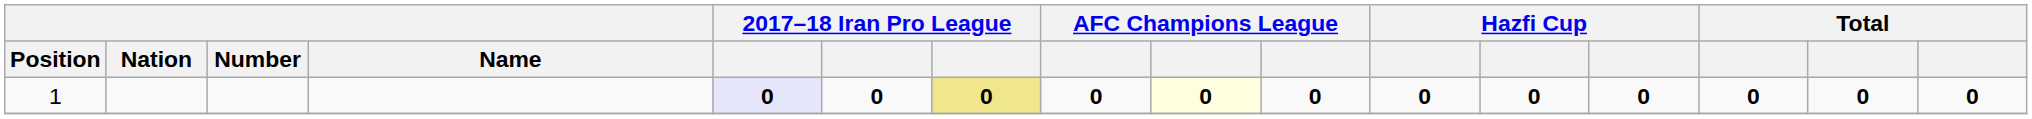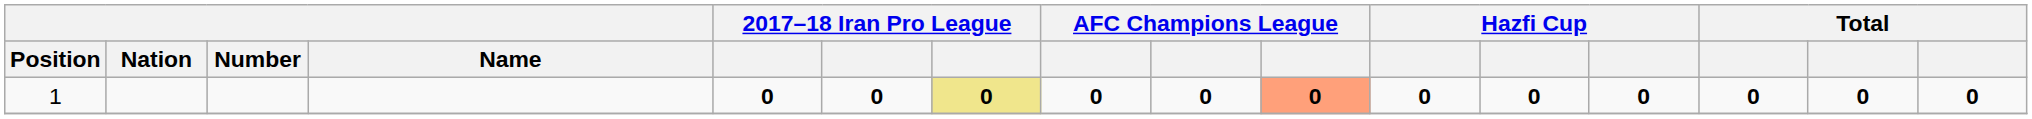 <table class="wikitable" style="font-size: 95%; text-align: center;">
 <tr>
 <th colspan=4></th>
 <th colspan=3><strong><a href='#'>2017–18 Iran Pro League</a></strong></th>
 <th colspan=3><strong><a href='#'>AFC Champions League</a></strong></th>
 <th colspan=3><strong><a href='#'>Hazfi Cup</a></strong></th>
 <th colspan=3>Total</th>
 </tr>
 <tr>
 <th width="5%"><strong>Position</strong></th>
 <th width="5%"><strong>Nation</strong></th>
 <th width="5%"><strong>Number</strong></th>
 <th width="20%"><strong>Name</strong></th>
 <th width=60></th>
 <th width=60></th>
 <th width=60></th>
 <th width=60></th>
 <th width=60></th>
 <th width=60></th>
 <th width=60></th>
 <th width=60></th>
 <th width=60></th>
 <th width=60></th>
 <th width=60></th>
 <th width=60></th>
 </tr>
 <tr>
 <td rowspan="1">1</td>
 <td></td>
 <td></td>
 <td></td>
-<td style="background: lavender;"><strong>0</strong></td>
+<td><strong>0</strong></td>
 <td><strong>0</strong></td>
 <td style="background: khaki;"><strong>0</strong></td>
 <td><strong>0</strong></td>
-<td style="background: lightyellow;"><strong>0</strong></td>
 <td><strong>0</strong></td>
+<td style="background: lightsalmon;"><strong>0</strong></td>
 <td><strong>0</strong></td>
 <td><strong>0</strong></td>
 <td><strong>0</strong></td>
 <td><strong>0</strong></td>
 <td><strong>0</strong></td>
 <td><strong>0</strong></td>
 </tr>
 <tr>
 </tr>
 </table>
